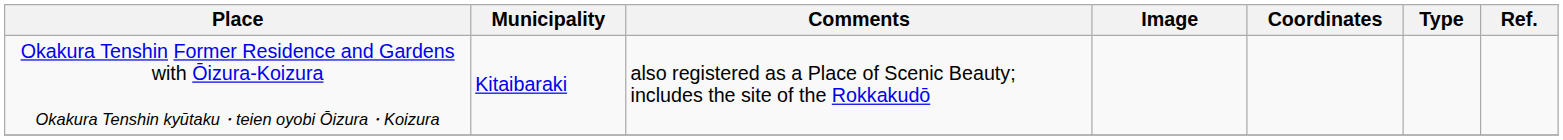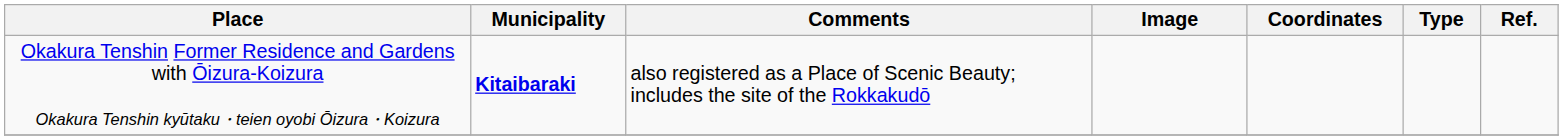 <table class="wikitable sortable"  style="width:100%;">
 <tr>
 <th width="30%" align="left">Place</th>
 <th width="10%" align="left">Municipality</th>
 <th width="30%" align="left" class="unsortable">Comments</th>
 <th width="10%" align="left"  class="unsortable">Image</th>
 <th width="10%" align="left" class="unsortable">Coordinates</th>
 <th width="5%" align="left">Type</th>
 <th width="5%" align="left"  class="unsortable">Ref.</th>
 </tr>
 <tr>
 <td align="center"><a href='#'>Okakura Tenshin</a> <a href='#'>Former Residence and Gardens</a> with <a href='#'>Ōizura-Koizura</a><br><br><small><em>Okakura Tenshin kyūtaku・teien oyobi Ōizura・Koizura</em></small></td>
-<td><a href='#'>Kitaibaraki</a></td>
+<td><strong><a href='#'>Kitaibaraki</a></strong></td>
 <td>also registered as a Place of Scenic Beauty; includes the site of the <a href='#'>Rokkakudō</a></td>
 <td></td>
 <td></td>
 <td></td>
 <td></td>
 </tr>
 <tr>
 </tr>
 </table>
